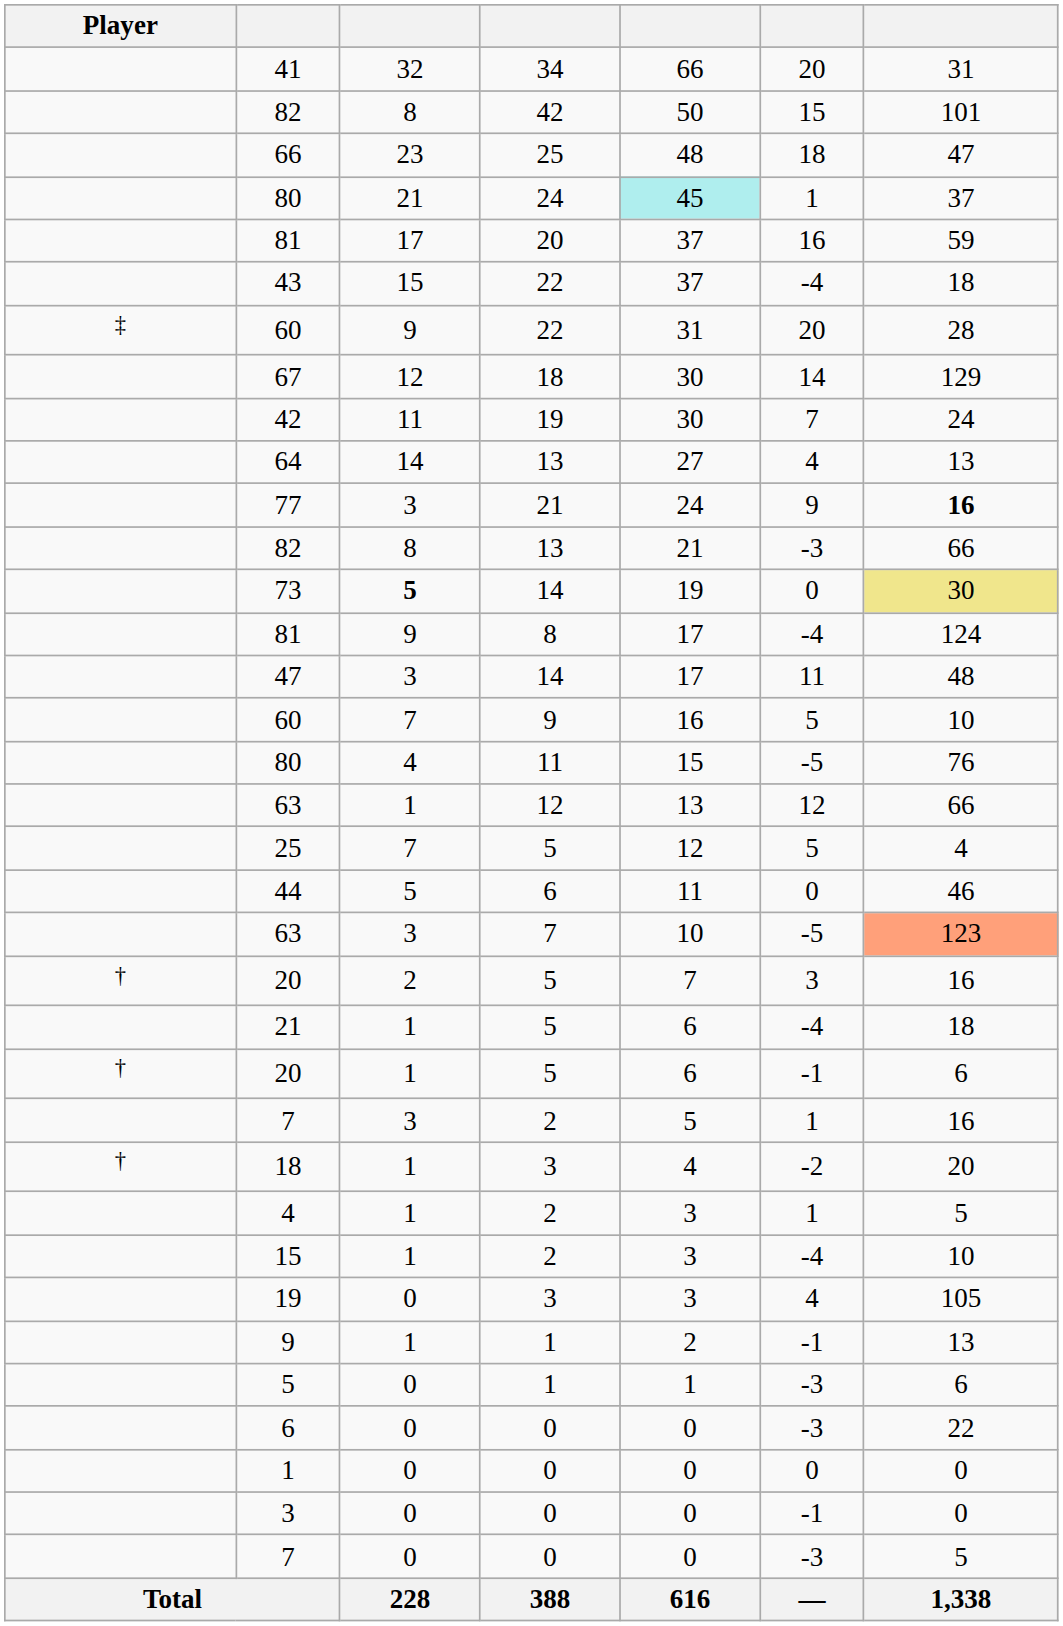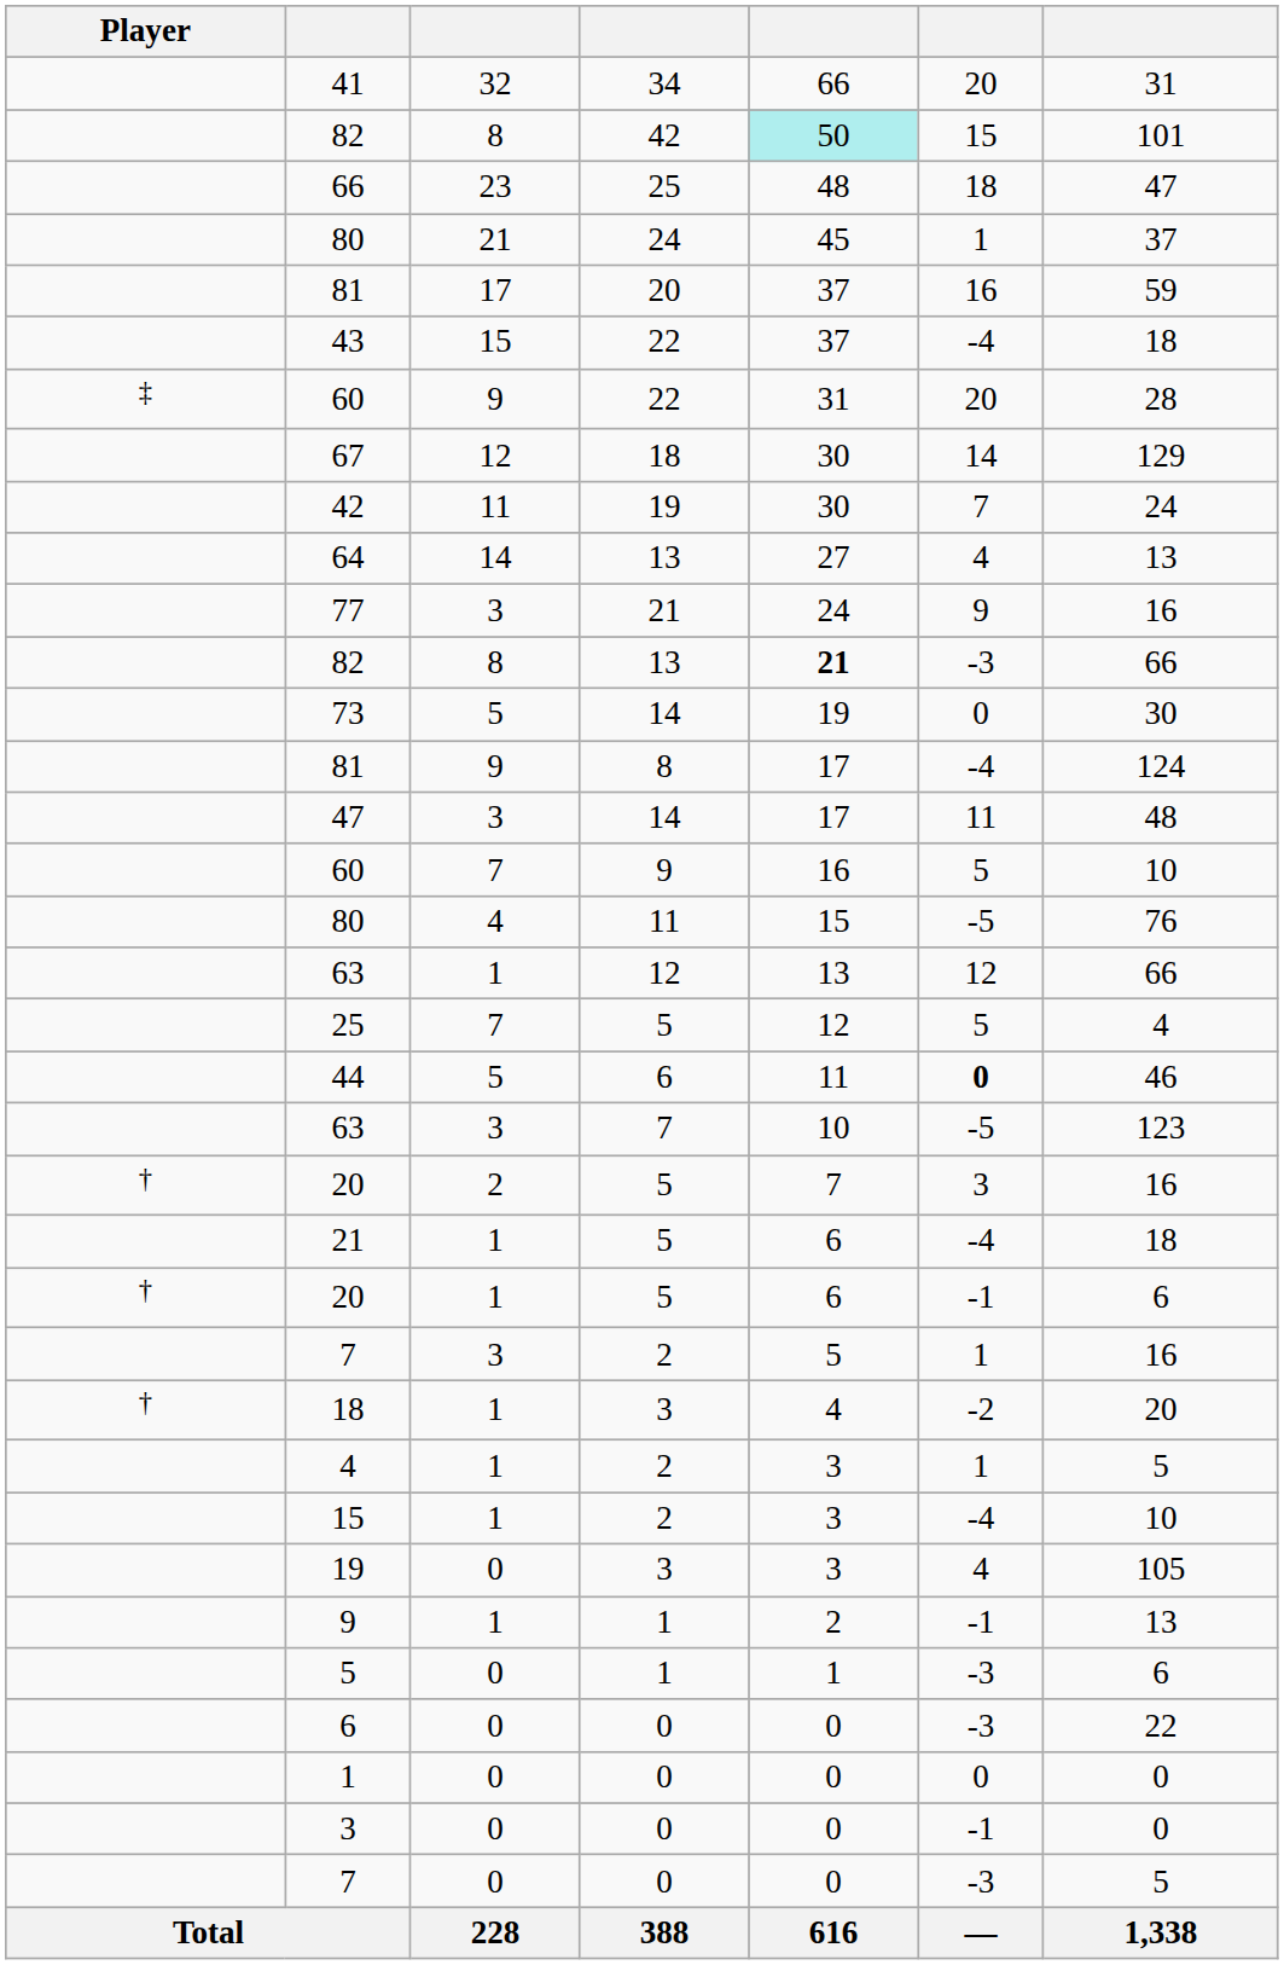 <table class="wikitable sortable" style="width:100%; text-align:center;">
 <tr align=center>
 <th>Player</th>
 <th></th>
 <th></th>
 <th></th>
 <th></th>
 <th data-sort-type="number"></th>
 <th></th>
 </tr>
 <tr>
 <td></td>
 <td>41</td>
 <td>32</td>
 <td>34</td>
 <td>66</td>
 <td>20</td>
 <td>31</td>
 </tr>
 <tr>
 <td></td>
 <td>82</td>
 <td>8</td>
 <td>42</td>
-<td>50</td>
+<td style="background: paleturquoise;">50</td>
 <td>15</td>
 <td>101</td>
 </tr>
 <tr>
 <td></td>
 <td>66</td>
 <td>23</td>
 <td>25</td>
 <td>48</td>
 <td>18</td>
 <td>47</td>
 </tr>
 <tr>
 <td></td>
 <td>80</td>
 <td>21</td>
 <td>24</td>
-<td style="background: paleturquoise;">45</td>
+<td>45</td>
 <td>1</td>
 <td>37</td>
 </tr>
 <tr>
 <td></td>
 <td>81</td>
 <td>17</td>
 <td>20</td>
 <td>37</td>
 <td>16</td>
 <td>59</td>
 </tr>
 <tr>
 <td></td>
 <td>43</td>
 <td>15</td>
 <td>22</td>
 <td>37</td>
 <td>-4</td>
 <td>18</td>
 </tr>
 <tr>
 <td><sup>‡</sup></td>
 <td>60</td>
 <td>9</td>
 <td>22</td>
 <td>31</td>
 <td>20</td>
 <td>28</td>
 </tr>
 <tr>
 <td></td>
 <td>67</td>
 <td>12</td>
 <td>18</td>
 <td>30</td>
 <td>14</td>
 <td>129</td>
 </tr>
 <tr>
 <td></td>
 <td>42</td>
 <td>11</td>
 <td>19</td>
 <td>30</td>
 <td>7</td>
 <td>24</td>
 </tr>
 <tr>
 <td></td>
 <td>64</td>
 <td>14</td>
 <td>13</td>
 <td>27</td>
 <td>4</td>
 <td>13</td>
 </tr>
 <tr>
 <td></td>
 <td>77</td>
 <td>3</td>
 <td>21</td>
 <td>24</td>
 <td>9</td>
-<td><strong>16</strong></td>
+<td>16</td>
 </tr>
 <tr>
 <td></td>
 <td>82</td>
 <td>8</td>
 <td>13</td>
-<td>21</td>
+<td><strong>21</strong></td>
 <td>-3</td>
 <td>66</td>
 </tr>
 <tr>
 <td></td>
 <td>73</td>
-<td><strong>5</strong></td>
+<td>5</td>
 <td>14</td>
 <td>19</td>
 <td>0</td>
-<td style="background: khaki;">30</td>
+<td>30</td>
 </tr>
 <tr>
 <td></td>
 <td>81</td>
 <td>9</td>
 <td>8</td>
 <td>17</td>
 <td>-4</td>
 <td>124</td>
 </tr>
 <tr>
 <td></td>
 <td>47</td>
 <td>3</td>
 <td>14</td>
 <td>17</td>
 <td>11</td>
 <td>48</td>
 </tr>
 <tr>
 <td></td>
 <td>60</td>
 <td>7</td>
 <td>9</td>
 <td>16</td>
 <td>5</td>
 <td>10</td>
 </tr>
 <tr>
 <td></td>
 <td>80</td>
 <td>4</td>
 <td>11</td>
 <td>15</td>
 <td>-5</td>
 <td>76</td>
 </tr>
 <tr>
 <td></td>
 <td>63</td>
 <td>1</td>
 <td>12</td>
 <td>13</td>
 <td>12</td>
 <td>66</td>
 </tr>
 <tr>
 <td></td>
 <td>25</td>
 <td>7</td>
 <td>5</td>
 <td>12</td>
 <td>5</td>
 <td>4</td>
 </tr>
 <tr>
 <td></td>
 <td>44</td>
 <td>5</td>
 <td>6</td>
 <td>11</td>
-<td>0</td>
+<td><strong>0</strong></td>
 <td>46</td>
 </tr>
 <tr>
 <td></td>
 <td>63</td>
 <td>3</td>
 <td>7</td>
 <td>10</td>
 <td>-5</td>
-<td style="background: lightsalmon;">123</td>
+<td>123</td>
 </tr>
 <tr>
 <td><sup>†</sup></td>
 <td>20</td>
 <td>2</td>
 <td>5</td>
 <td>7</td>
 <td>3</td>
 <td>16</td>
 </tr>
 <tr>
 <td></td>
 <td>21</td>
 <td>1</td>
 <td>5</td>
 <td>6</td>
 <td>-4</td>
 <td>18</td>
 </tr>
 <tr>
 <td><sup>†</sup></td>
 <td>20</td>
 <td>1</td>
 <td>5</td>
 <td>6</td>
 <td>-1</td>
 <td>6</td>
 </tr>
 <tr>
 <td></td>
 <td>7</td>
 <td>3</td>
 <td>2</td>
 <td>5</td>
 <td>1</td>
 <td>16</td>
 </tr>
 <tr>
 <td><sup>†</sup></td>
 <td>18</td>
 <td>1</td>
 <td>3</td>
 <td>4</td>
 <td>-2</td>
 <td>20</td>
 </tr>
 <tr>
 <td></td>
 <td>4</td>
 <td>1</td>
 <td>2</td>
 <td>3</td>
 <td>1</td>
 <td>5</td>
 </tr>
 <tr>
 <td></td>
 <td>15</td>
 <td>1</td>
 <td>2</td>
 <td>3</td>
 <td>-4</td>
 <td>10</td>
 </tr>
 <tr>
 <td></td>
 <td>19</td>
 <td>0</td>
 <td>3</td>
 <td>3</td>
 <td>4</td>
 <td>105</td>
 </tr>
 <tr>
 <td></td>
 <td>9</td>
 <td>1</td>
 <td>1</td>
 <td>2</td>
 <td>-1</td>
 <td>13</td>
 </tr>
 <tr>
 <td></td>
 <td>5</td>
 <td>0</td>
 <td>1</td>
 <td>1</td>
 <td>-3</td>
 <td>6</td>
 </tr>
 <tr>
 <td></td>
 <td>6</td>
 <td>0</td>
 <td>0</td>
 <td>0</td>
 <td>-3</td>
 <td>22</td>
 </tr>
 <tr>
 <td></td>
 <td>1</td>
 <td>0</td>
 <td>0</td>
 <td>0</td>
 <td>0</td>
 <td>0</td>
 </tr>
 <tr>
 <td></td>
 <td>3</td>
 <td>0</td>
 <td>0</td>
 <td>0</td>
 <td>-1</td>
 <td>0</td>
 </tr>
 <tr>
 <td></td>
 <td>7</td>
 <td>0</td>
 <td>0</td>
 <td>0</td>
 <td>-3</td>
 <td>5</td>
 </tr>
 <tr class="sortbottom">
 <th colspan=2>Total</th>
 <th>228</th>
 <th>388</th>
 <th>616</th>
 <th>—</th>
 <th>1,338</th>
 </tr>
 </table>
